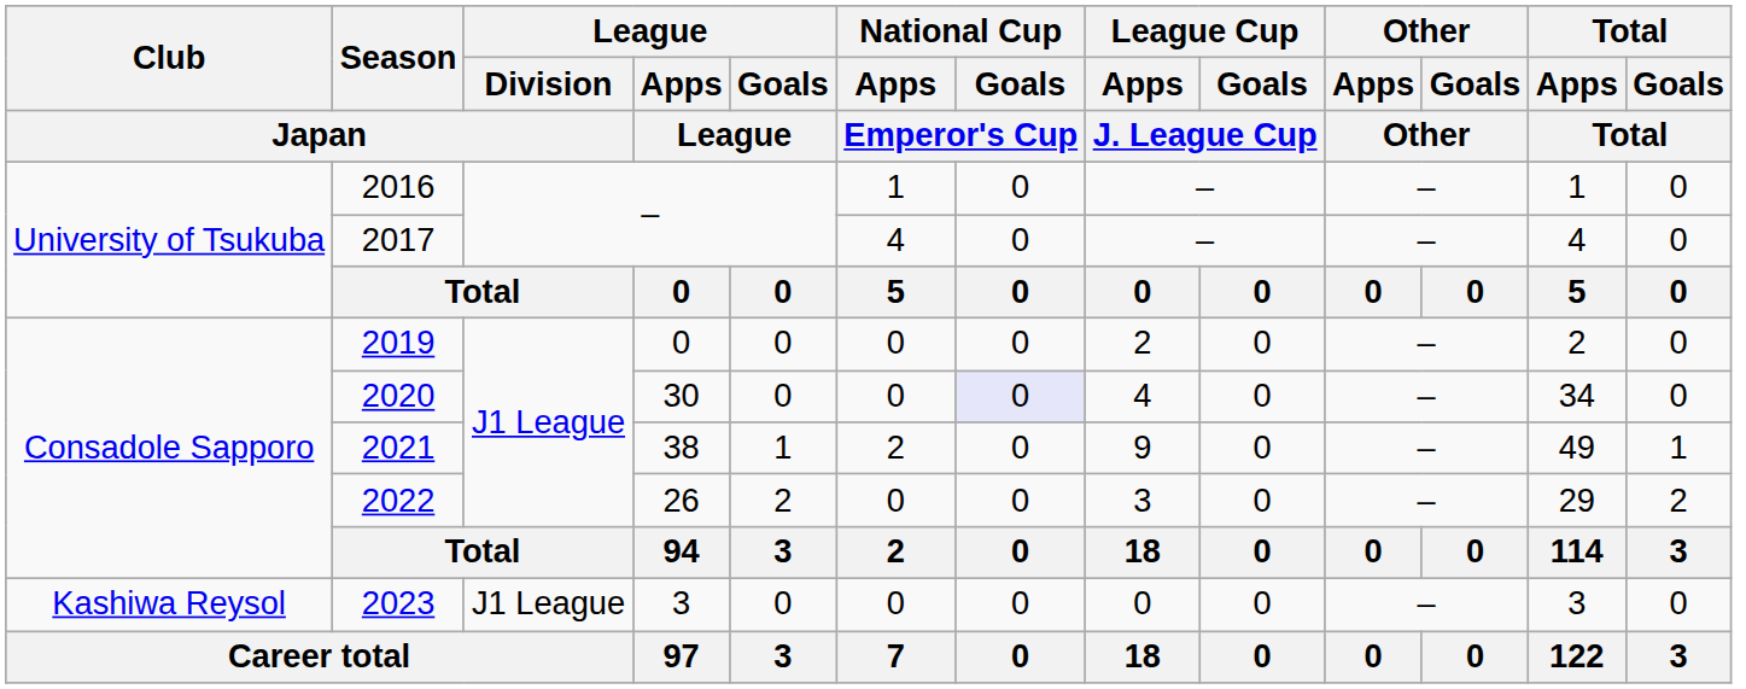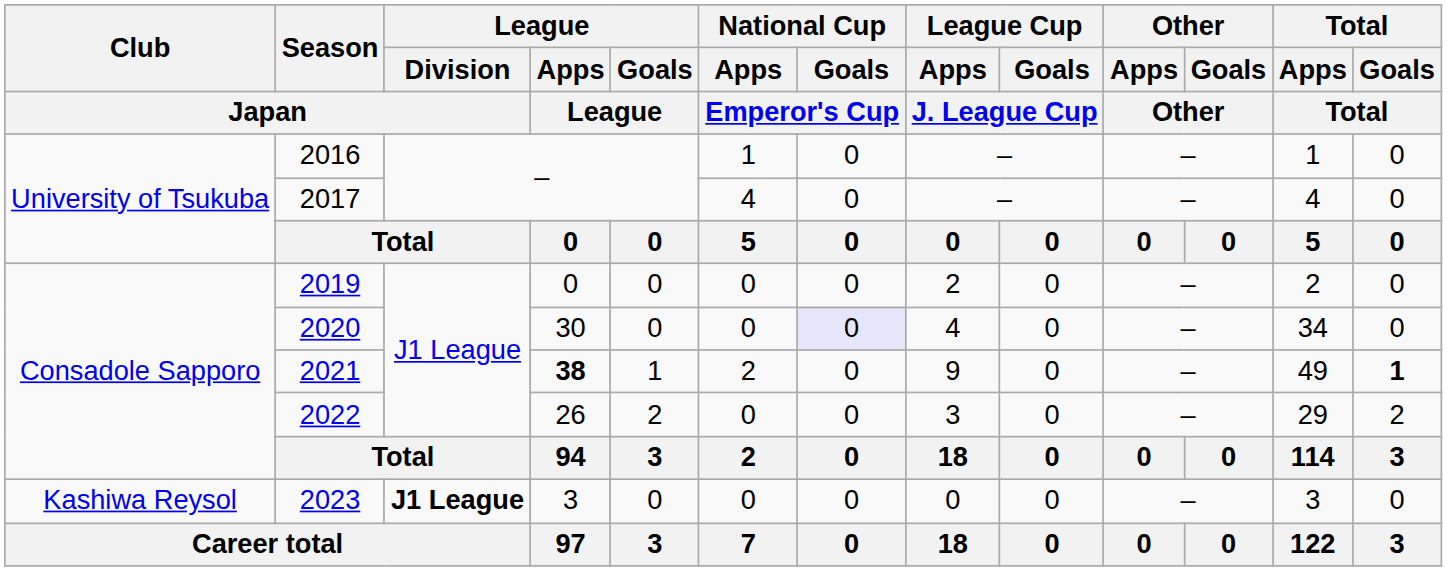 <table class="wikitable" style="text-align: center">
 <tr>
 <th rowspan="2">Club</th>
 <th rowspan="2">Season</th>
 <th colspan="3">League</th>
 <th colspan="2">National Cup</th>
 <th colspan="2">League Cup</th>
 <th colspan="2">Other</th>
 <th colspan="2">Total</th>
 </tr>
 <tr>
 <th>Division</th>
 <th>Apps</th>
 <th>Goals</th>
 <th>Apps</th>
 <th>Goals</th>
 <th>Apps</th>
 <th>Goals</th>
 <th>Apps</th>
 <th>Goals</th>
 <th>Apps</th>
 <th>Goals</th>
 </tr>
 <tr>
 <th colspan=3>Japan</th>
 <th colspan=2>League</th>
 <th colspan=2><a href='#'>Emperor's Cup</a></th>
 <th colspan=2><a href='#'>J. League Cup</a></th>
 <th colspan=2>Other</th>
 <th colspan=2>Total</th>
 </tr>
 <tr>
 <td rowspan="3"><a href='#'>University of Tsukuba</a></td>
 <td>2016</td>
 <td colspan="3" rowspan="2">–</td>
 <td>1</td>
 <td>0</td>
 <td colspan="2">–</td>
 <td colspan="2">–</td>
 <td>1</td>
 <td>0</td>
 </tr>
 <tr>
 <td>2017</td>
 <td>4</td>
 <td>0</td>
 <td colspan="2">–</td>
 <td colspan="2">–</td>
 <td>4</td>
 <td>0</td>
 </tr>
 <tr>
 <th colspan=2>Total</th>
 <th>0</th>
 <th>0</th>
 <th>5</th>
 <th>0</th>
 <th>0</th>
 <th>0</th>
 <th>0</th>
 <th>0</th>
 <th>5</th>
 <th>0</th>
 </tr>
 <tr>
 <td rowspan="5"><a href='#'>Consadole Sapporo</a></td>
 <td><a href='#'>2019</a></td>
 <td rowspan="4"><a href='#'>J1 League</a></td>
 <td>0</td>
 <td>0</td>
 <td>0</td>
 <td>0</td>
 <td>2</td>
 <td>0</td>
 <td colspan="2">–</td>
 <td>2</td>
 <td>0</td>
 </tr>
 <tr>
 <td><a href='#'>2020</a></td>
 <td>30</td>
 <td>0</td>
 <td>0</td>
 <td style="background: lavender;">0</td>
 <td>4</td>
 <td>0</td>
 <td colspan="2">–</td>
 <td>34</td>
 <td>0</td>
 </tr>
 <tr>
 <td><a href='#'>2021</a></td>
-<td>38</td>
+<td><strong>38</strong></td>
 <td>1</td>
 <td>2</td>
 <td>0</td>
 <td>9</td>
 <td>0</td>
 <td colspan="2">–</td>
 <td>49</td>
-<td>1</td>
+<td><strong>1</strong></td>
 </tr>
 <tr>
 <td><a href='#'>2022</a></td>
 <td>26</td>
 <td>2</td>
 <td>0</td>
 <td>0</td>
 <td>3</td>
 <td>0</td>
 <td colspan="2">–</td>
 <td>29</td>
 <td>2</td>
 </tr>
 <tr>
 <th colspan=2>Total</th>
 <th>94</th>
 <th>3</th>
 <th>2</th>
 <th>0</th>
 <th>18</th>
 <th>0</th>
 <th>0</th>
 <th>0</th>
 <th>114</th>
 <th>3</th>
 </tr>
 <tr>
 <td><a href='#'>Kashiwa Reysol</a></td>
 <td><a href='#'>2023</a></td>
-<td>J1 League</td>
+<td><strong>J1 League</strong></td>
 <td>3</td>
 <td>0</td>
 <td>0</td>
 <td>0</td>
 <td>0</td>
 <td>0</td>
 <td colspan="2">–</td>
 <td>3</td>
 <td>0</td>
 </tr>
 <tr>
 <th colspan=3>Career total</th>
 <th>97</th>
 <th>3</th>
 <th>7</th>
 <th>0</th>
 <th>18</th>
 <th>0</th>
 <th>0</th>
 <th>0</th>
 <th>122</th>
 <th>3</th>
 </tr>
 </table>
